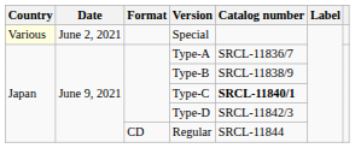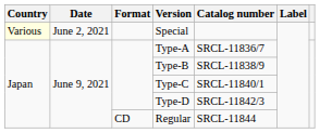 <table class="wikitable plainrowheaders">
 <tr>
 <th scope="col">Country</th>
 <th>Date</th>
 <th>Format</th>
 <th>Version</th>
 <th>Catalog number</th>
 <th>Label</th>
 <th></th>
 </tr>
 <tr>
 <td style="background: lightyellow;">Various</td>
 <td>June 2, 2021</td>
 <td></td>
 <td>Special</td>
 <td></td>
 <td rowspan=6><a href='#'></a></td>
 <td style="text-align:center"></td>
 </tr>
 <tr>
 <td rowspan=5>Japan</td>
 <td rowspan=5>June 9, 2021</td>
 <td rowspan=4></td>
 <td>Type-A</td>
 <td>SRCL-11836/7</td>
 <td rowspan=5 style="text-align:center"></td>
 </tr>
 <tr>
 <td>Type-B</td>
 <td>SRCL-11838/9</td>
 </tr>
 <tr>
 <td>Type-C</td>
-<td><strong>SRCL-11840/1</strong></td>
+<td>SRCL-11840/1</td>
 </tr>
 <tr>
 <td>Type-D</td>
 <td>SRCL-11842/3</td>
 </tr>
 <tr>
 <td>CD</td>
 <td>Regular</td>
 <td>SRCL-11844</td>
 </tr>
 </table>
